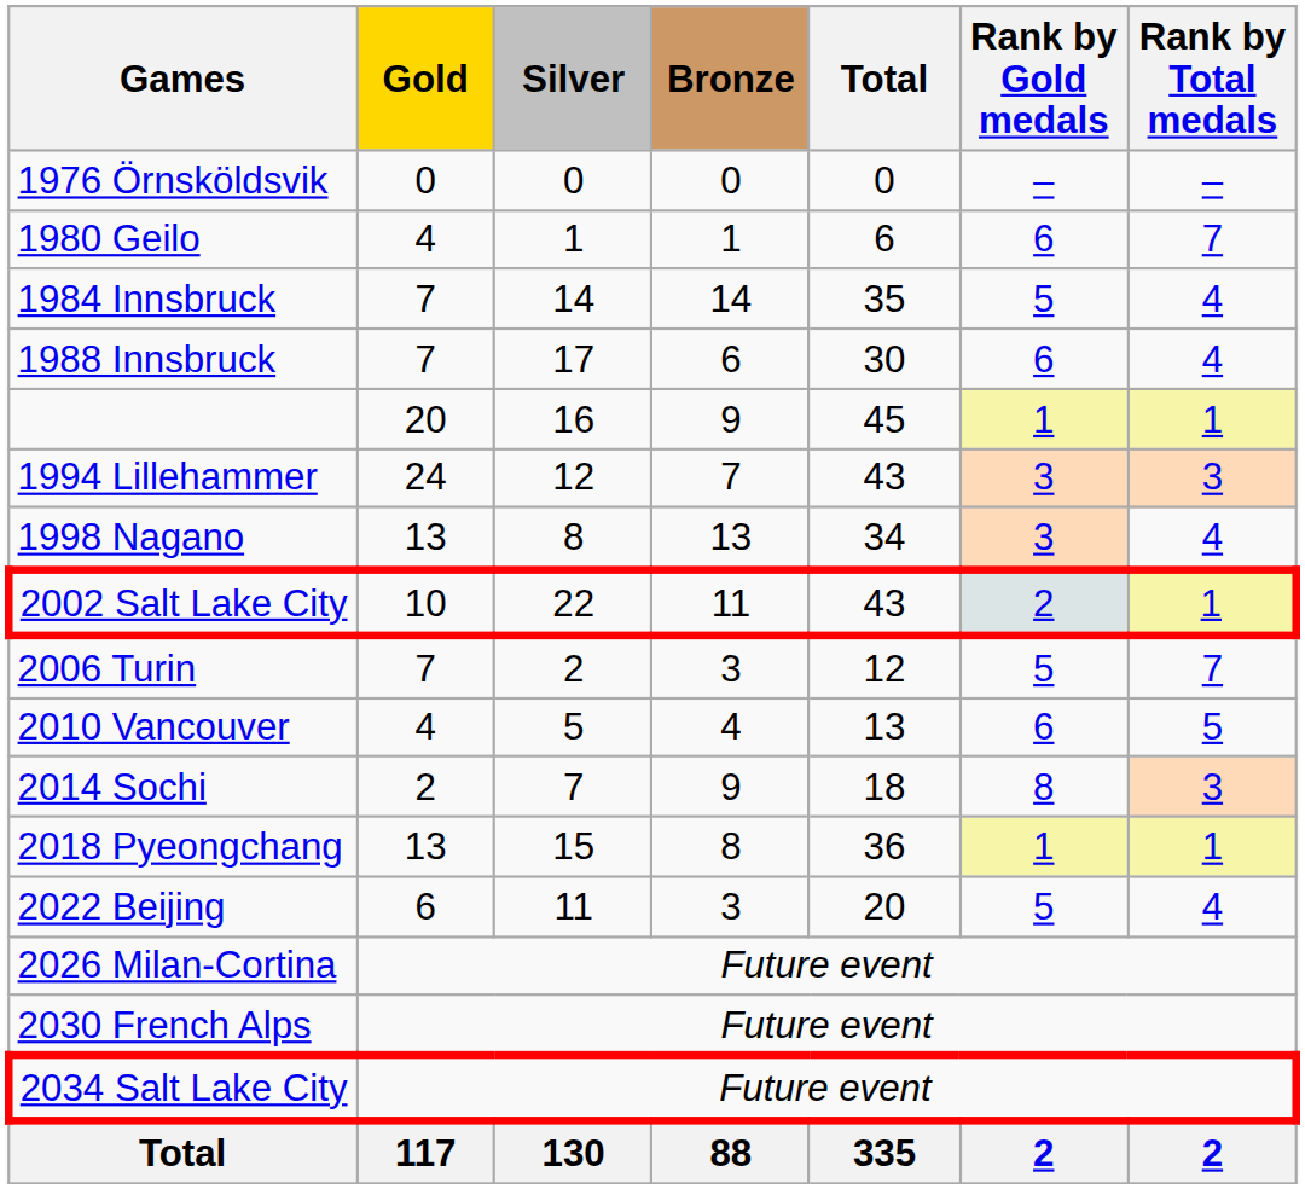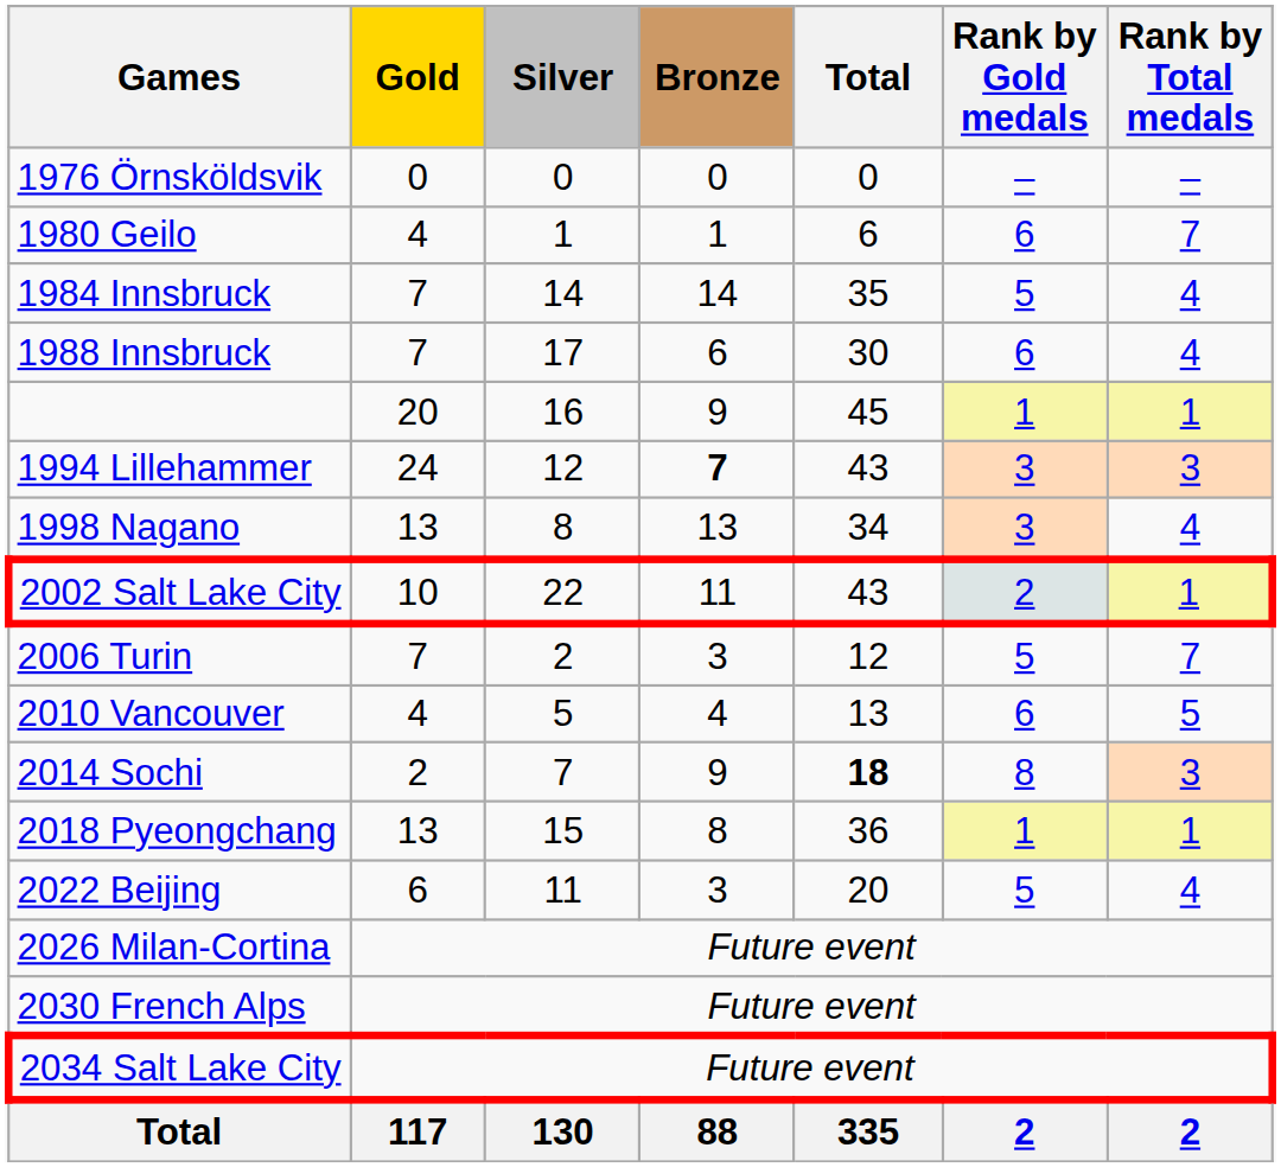 <table class="wikitable" style="text-align:center; font-size:90%;">
 <tr>
 <th>Games</th>
 <td style="background:gold; width:3.2em; font-weight:bold;">Gold</td>
 <td style="background:silver; width:3.7em; font-weight:bold;">Silver</td>
 <td style="background:#c96; width:3.7em; font-weight:bold;">Bronze</td>
 <th style="width:3.5em; font-weight:bold;">Total</th>
 <th style="width:4em; font-weight:bold;">Rank by <a href='#'>Gold medals</a></th>
 <th style="width:4em; font-weight:bold;">Rank by <a href='#'>Total medals</a></th>
 </tr>
 <tr>
 <td align=left> <a href='#'>1976 Örnsköldsvik</a></td>
 <td>0</td>
 <td>0</td>
 <td>0</td>
 <td>0</td>
 <td><a href='#'>–</a></td>
 <td><a href='#'>–</a></td>
 </tr>
 <tr>
 <td align=left> <a href='#'>1980 Geilo</a></td>
 <td>4</td>
 <td>1</td>
 <td>1</td>
 <td>6</td>
 <td><a href='#'>6</a></td>
 <td><a href='#'>7</a></td>
 </tr>
 <tr>
 <td align=left> <a href='#'>1984 Innsbruck</a></td>
 <td>7</td>
 <td>14</td>
 <td>14</td>
 <td>35</td>
 <td><a href='#'>5</a></td>
 <td><a href='#'>4</a></td>
 </tr>
 <tr>
 <td align=left> <a href='#'>1988 Innsbruck</a></td>
 <td>7</td>
 <td>17</td>
 <td>6</td>
 <td>30</td>
 <td><a href='#'>6</a></td>
 <td><a href='#'>4</a></td>
 </tr>
 <tr>
 <td align=left></td>
 <td>20</td>
 <td>16</td>
 <td>9</td>
 <td>45</td>
 <td style="background:#f7f6a8;"><a href='#'>1</a></td>
 <td style="background:#f7f6a8;"><a href='#'>1</a></td>
 </tr>
 <tr>
 <td align=left> <a href='#'>1994 Lillehammer</a></td>
 <td>24</td>
 <td>12</td>
-<td>7</td>
+<td><strong>7</strong></td>
 <td>43</td>
 <td style="background:#ffdab9;"><a href='#'>3</a></td>
 <td style="background:#ffdab9;"><a href='#'>3</a></td>
 </tr>
 <tr>
 <td align=left> <a href='#'>1998 Nagano</a></td>
 <td>13</td>
 <td>8</td>
 <td>13</td>
 <td>34</td>
 <td style="background:#ffdab9;"><a href='#'>3</a></td>
 <td><a href='#'>4</a></td>
 </tr>
 <tr style="border: 3px solid red">
 <td align=left> <a href='#'>2002 Salt Lake City</a></td>
 <td>10</td>
 <td>22</td>
 <td>11</td>
 <td>43</td>
 <td style="background:#dce5e5;"><a href='#'>2</a></td>
 <td style="background:#f7f6a8;"><a href='#'>1</a></td>
 </tr>
 <tr>
 <td align=left> <a href='#'>2006 Turin</a></td>
 <td>7</td>
 <td>2</td>
 <td>3</td>
 <td>12</td>
 <td><a href='#'>5</a></td>
 <td><a href='#'>7</a></td>
 </tr>
 <tr>
 <td align=left> <a href='#'>2010 Vancouver</a></td>
 <td>4</td>
 <td>5</td>
 <td>4</td>
 <td>13</td>
 <td><a href='#'>6</a></td>
 <td><a href='#'>5</a></td>
 </tr>
 <tr>
 <td align=left> <a href='#'>2014 Sochi</a></td>
 <td>2</td>
 <td>7</td>
 <td>9</td>
-<td>18</td>
+<td><strong>18</strong></td>
 <td><a href='#'>8</a></td>
 <td style="background:#ffdab9;"><a href='#'>3</a></td>
 </tr>
 <tr>
 <td align=left> <a href='#'>2018 Pyeongchang</a></td>
 <td>13</td>
 <td>15</td>
 <td>8</td>
 <td>36</td>
 <td style="background:#f7f6a8;"><a href='#'>1</a></td>
 <td style="background:#f7f6a8;"><a href='#'>1</a></td>
 </tr>
 <tr>
 <td align=left> <a href='#'>2022 Beijing</a></td>
 <td>6</td>
 <td>11</td>
 <td>3</td>
 <td>20</td>
 <td><a href='#'>5</a></td>
 <td><a href='#'>4</a></td>
 </tr>
 <tr>
 <td align=left> <a href='#'>2026 Milan-Cortina</a></td>
 <td colspan=6; rowspan=1><em>Future event</em></td>
 </tr>
 <tr>
 <td align=left> <a href='#'>2030 French Alps</a></td>
 <td colspan=6; rowspan=1><em>Future event</em></td>
 </tr>
 <tr>
 </tr>
 <tr style="border: 3px solid red">
 <td align=left> <a href='#'>2034 Salt Lake City</a></td>
 <td colspan=6; rowspan=1><em>Future event</em></td>
 </tr>
 <tr>
 <th>Total</th>
 <th>117</th>
 <th>130</th>
 <th>88</th>
 <th>335</th>
 <th><a href='#'>2</a></th>
 <th><a href='#'>2</a></th>
 </tr>
 </table>
